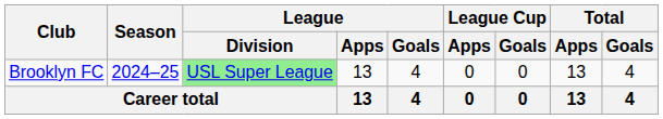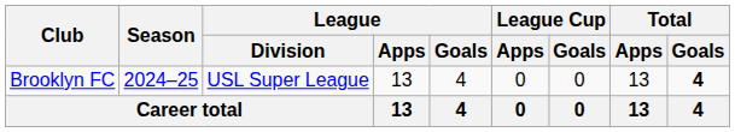 <table class="wikitable" style="text-align:center">
 <tr>
 <th rowspan="2">Club</th>
 <th rowspan="2">Season</th>
 <th colspan="3">League</th>
 <th colspan="2">League Cup</th>
 <th colspan="2">Total</th>
 </tr>
 <tr>
 <th>Division</th>
 <th>Apps</th>
 <th>Goals</th>
 <th>Apps</th>
 <th>Goals</th>
 <th>Apps</th>
 <th>Goals</th>
 </tr>
 <tr>
 <td><a href='#'>Brooklyn FC</a></td>
 <td><a href='#'>2024–25</a></td>
-<td style="background: lightgreen;"><a href='#'>USL Super League</a></td>
+<td><a href='#'>USL Super League</a></td>
 <td>13</td>
 <td>4</td>
 <td>0</td>
 <td>0</td>
 <td>13</td>
-<td>4</td>
+<td><strong>4</strong></td>
 </tr>
 <tr>
 <th colspan="3">Career total</th>
 <th>13</th>
 <th>4</th>
 <th>0</th>
 <th>0</th>
 <th>13</th>
 <th>4</th>
 </tr>
 </table>
